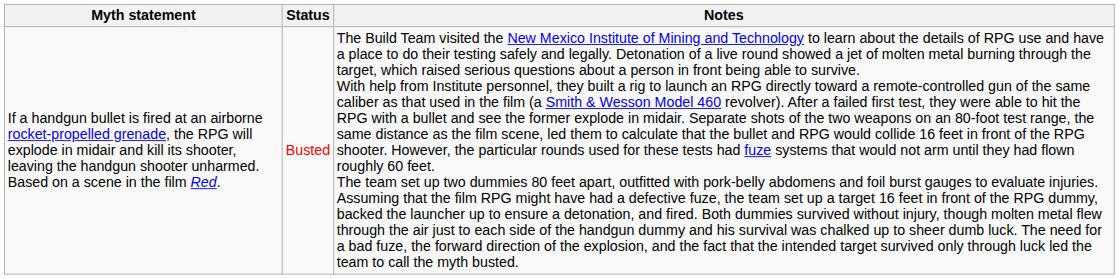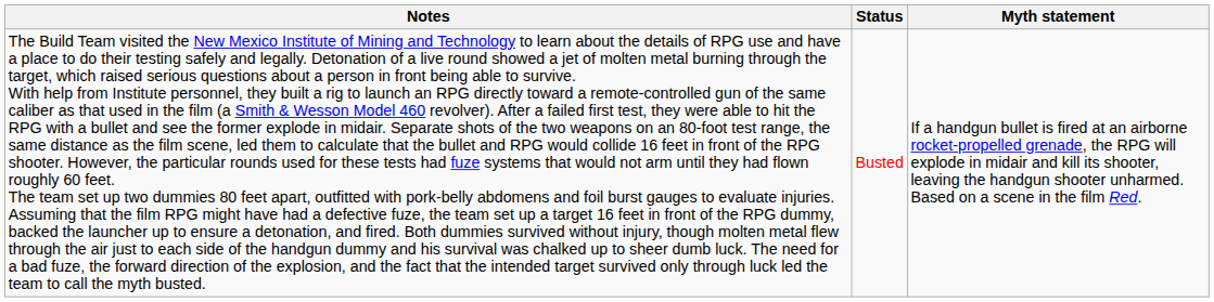 <table class="wikitable plainrowheaders">
 <tr>
+<th>Notes</th>
+<th>Status</th>
 <th>Myth statement</th>
-<th>Status</th>
-<th>Notes</th>
 </tr>
 <tr>
+<td>The Build Team visited the <a href='#'>New Mexico Institute of Mining and Technology</a> to learn about the details of RPG use and have a place to do their testing safely and legally. Detonation of a live round showed a jet of molten metal burning through the target, which raised serious questions about a person in front being able to survive.<br>With help from Institute personnel, they built a rig to launch an RPG directly toward a remote-controlled gun of the same caliber as that used in the film (a <a href='#'>Smith & Wesson Model 460</a> revolver). After a failed first test, they were able to hit the RPG with a bullet and see the former explode in midair. Separate shots of the two weapons on an 80-foot test range, the same distance as the film scene, led them to calculate that the bullet and RPG would collide 16 feet in front of the RPG shooter. However, the particular rounds used for these tests had <a href='#'>fuze</a> systems that would not arm until they had flown roughly 60 feet.<br>The team set up two dummies 80 feet apart, outfitted with pork-belly abdomens and foil burst gauges to evaluate injuries. Assuming that the film RPG might have had a defective fuze, the team set up a target 16 feet in front of the RPG dummy, backed the launcher up to ensure a detonation, and fired. Both dummies survived without injury, though molten metal flew through the air just to each side of the handgun dummy and his survival was chalked up to sheer dumb luck. The need for a bad fuze, the forward direction of the explosion, and the fact that the intended target survived only through luck led the team to call the myth busted.</td>
+<td style="color:red">Busted</td>
 <td>If a handgun bullet is fired at an airborne <a href='#'>rocket-propelled grenade</a>, the RPG will explode in midair and kill its shooter, leaving the handgun shooter unharmed. Based on a scene in the film <em><a href='#'>Red</a></em>.</td>
-<td style="color:red">Busted</td>
-<td>The Build Team visited the <a href='#'>New Mexico Institute of Mining and Technology</a> to learn about the details of RPG use and have a place to do their testing safely and legally. Detonation of a live round showed a jet of molten metal burning through the target, which raised serious questions about a person in front being able to survive.<br>With help from Institute personnel, they built a rig to launch an RPG directly toward a remote-controlled gun of the same caliber as that used in the film (a <a href='#'>Smith & Wesson Model 460</a> revolver). After a failed first test, they were able to hit the RPG with a bullet and see the former explode in midair. Separate shots of the two weapons on an 80-foot test range, the same distance as the film scene, led them to calculate that the bullet and RPG would collide 16 feet in front of the RPG shooter. However, the particular rounds used for these tests had <a href='#'>fuze</a> systems that would not arm until they had flown roughly 60 feet.<br>The team set up two dummies 80 feet apart, outfitted with pork-belly abdomens and foil burst gauges to evaluate injuries. Assuming that the film RPG might have had a defective fuze, the team set up a target 16 feet in front of the RPG dummy, backed the launcher up to ensure a detonation, and fired. Both dummies survived without injury, though molten metal flew through the air just to each side of the handgun dummy and his survival was chalked up to sheer dumb luck. The need for a bad fuze, the forward direction of the explosion, and the fact that the intended target survived only through luck led the team to call the myth busted.</td>
 </tr>
 </table>
